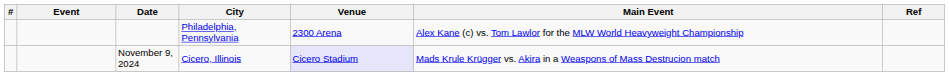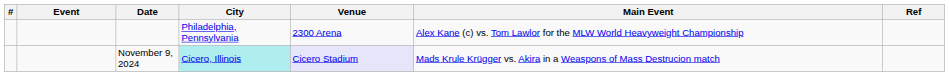 <table class="wikitable sortable" align="center">
 <tr>
 <th width="1%">#</th>
 <th width="8%">Event</th>
 <th width="5%">Date</th>
 <th width="9%">City</th>
 <th width="10%">Venue</th>
 <th width="38%">Main Event</th>
 <th width="5%">Ref</th>
 </tr>
 <tr>
 <td></td>
 <td></td>
 <td></td>
 <td><a href='#'>Philadelphia, Pennsylvania</a></td>
 <td><a href='#'>2300 Arena</a></td>
 <td><a href='#'>Alex Kane</a> (c) vs. <a href='#'>Tom Lawlor</a> for the <a href='#'>MLW World Heavyweight Championship</a></td>
 <td></td>
 </tr>
 <tr>
 <td></td>
 <td></td>
 <td>November 9, 2024<br></td>
-<td><a href='#'>Cicero, Illinois</a></td>
+<td style="background: paleturquoise;"><a href='#'>Cicero, Illinois</a></td>
 <td style="background: lavender;"><a href='#'>Cicero Stadium</a></td>
 <td><a href='#'>Mads Krule Krügger</a> vs. <a href='#'>Akira</a> in a <a href='#'>Weaspons of Mass Destrucion match</a></td>
 </tr>
 </table>
